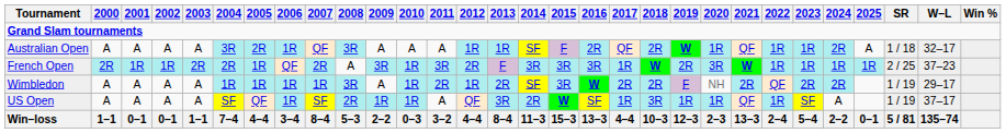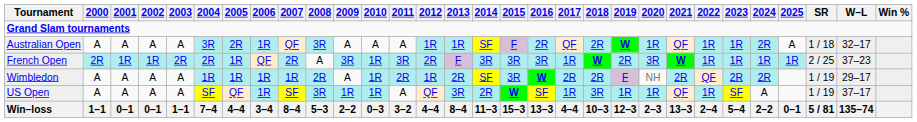 <table class=wikitable style=text-align:center;font-size:86%>
 <tr>
 <th>Tournament</th>
 <th><a href='#'>2000</a></th>
 <th><a href='#'>2001</a></th>
 <th><a href='#'>2002</a></th>
 <th><a href='#'>2003</a></th>
 <th><a href='#'>2004</a></th>
 <th><a href='#'>2005</a></th>
 <th><a href='#'>2006</a></th>
 <th><a href='#'>2007</a></th>
 <th><a href='#'>2008</a></th>
 <th><a href='#'>2009</a></th>
 <th><a href='#'>2010</a></th>
 <th><a href='#'>2011</a></th>
 <th><a href='#'>2012</a></th>
 <th><a href='#'>2013</a></th>
 <th><a href='#'>2014</a></th>
 <th><a href='#'>2015</a></th>
 <th><a href='#'>2016</a></th>
 <th><a href='#'>2017</a></th>
 <th><a href='#'>2018</a></th>
 <th><a href='#'>2019</a></th>
 <th><a href='#'>2020</a></th>
 <th><a href='#'>2021</a></th>
 <th><a href='#'>2022</a></th>
 <th><a href='#'>2023</a></th>
 <th><a href='#'>2024</a></th>
 <th><a href='#'>2025</a></th>
 <th>SR</th>
 <th>W–L</th>
 <th>Win %</th>
 </tr>
 <tr>
 <td colspan=30 style=text-align:left><a href='#'><strong>Grand Slam tournaments</strong></a></td>
 </tr>
 <tr>
 <td style=background:#efefef;text-align:left><a href='#'>Australian Open</a></td>
 <td>A</td>
 <td>A</td>
 <td>A</td>
 <td>A</td>
 <td bgcolor=afeeee><a href='#'>3R</a></td>
 <td bgcolor=afeeee><a href='#'>2R</a></td>
 <td bgcolor=afeeee><a href='#'>1R</a></td>
 <td bgcolor=ffebcd><a href='#'>QF</a></td>
 <td bgcolor=afeeee><a href='#'>3R</a></td>
 <td>A</td>
 <td>A</td>
 <td>A</td>
 <td bgcolor=afeeee><a href='#'>1R</a></td>
 <td bgcolor=afeeee><a href='#'>1R</a></td>
 <td style=background:yellow><a href='#'>SF</a></td>
 <td style=background:thistle><a href='#'>F</a></td>
 <td bgcolor=afeeee><a href='#'>2R</a></td>
 <td bgcolor=ffebcd><a href='#'>QF</a></td>
 <td bgcolor=afeeee><a href='#'>2R</a></td>
 <td style=background:#0f0><strong><a href='#'>W</a></strong></td>
 <td bgcolor=afeeee><a href='#'>1R</a></td>
 <td bgcolor=ffebcd><a href='#'>QF</a></td>
 <td bgcolor=afeeee><a href='#'>1R</a></td>
 <td bgcolor=afeeee><a href='#'>1R</a></td>
 <td bgcolor=afeeee><a href='#'>2R</a></td>
 <td>A</td>
 <td style=background:#efefef>1 / 18</td>
 <td style=background:#efefef>32–17</td>
 <td style=background:#efefef></td>
 </tr>
 <tr>
 <td style=background:#efefef;text-align:left><a href='#'>French Open</a></td>
 <td bgcolor=afeeee><a href='#'>2R</a></td>
 <td bgcolor=afeeee><a href='#'>1R</a></td>
 <td bgcolor=afeeee><a href='#'>1R</a></td>
 <td bgcolor=afeeee><a href='#'>2R</a></td>
 <td bgcolor=afeeee><a href='#'>2R</a></td>
 <td bgcolor=afeeee><a href='#'>1R</a></td>
 <td bgcolor=ffebcd><a href='#'>QF</a></td>
 <td bgcolor=afeeee><a href='#'>2R</a></td>
 <td>A</td>
 <td bgcolor=afeeee><a href='#'>3R</a></td>
 <td bgcolor=afeeee><a href='#'>1R</a></td>
 <td bgcolor=afeeee><a href='#'>3R</a></td>
 <td bgcolor=afeeee><a href='#'>2R</a></td>
 <td style=background:thistle><a href='#'>F</a></td>
 <td bgcolor=afeeee><a href='#'>3R</a></td>
 <td bgcolor=afeeee><a href='#'>3R</a></td>
 <td bgcolor=afeeee><a href='#'>3R</a></td>
 <td bgcolor=afeeee><a href='#'>1R</a></td>
 <td style=background:#0f0><strong><a href='#'>W</a></strong></td>
 <td bgcolor=afeeee><a href='#'>2R</a></td>
 <td bgcolor=afeeee><a href='#'>3R</a></td>
 <td style=background:#0f0><strong><a href='#'>W</a></strong></td>
 <td bgcolor=afeeee><a href='#'>1R</a></td>
 <td bgcolor=afeeee><a href='#'>1R</a></td>
 <td bgcolor=afeeee><a href='#'>1R</a></td>
 <td bgcolor=afeeee><a href='#'>1R</a></td>
 <td style=background:#efefef>2 / 25</td>
 <td style=background:#efefef>37–23</td>
 <td style=background:#efefef></td>
 </tr>
 <tr>
 <td style=background:#efefef;text-align:left><a href='#'>Wimbledon</a></td>
 <td>A</td>
 <td>A</td>
 <td>A</td>
 <td>A</td>
 <td bgcolor=afeeee><a href='#'>1R</a></td>
 <td bgcolor=afeeee><a href='#'>1R</a></td>
 <td bgcolor=afeeee><a href='#'>1R</a></td>
 <td bgcolor=afeeee><a href='#'>1R</a></td>
-<td bgcolor=afeeee><a href='#'>3R</a></td>
+<td bgcolor=afeeee><a href='#'>2R</a></td>
 <td>A</td>
 <td bgcolor=afeeee><a href='#'>1R</a></td>
 <td bgcolor=afeeee><a href='#'>2R</a></td>
 <td bgcolor=afeeee><a href='#'>1R</a></td>
 <td bgcolor=afeeee><a href='#'>2R</a></td>
 <td style=background:yellow><a href='#'>SF</a></td>
 <td bgcolor=afeeee><a href='#'>3R</a></td>
 <td style=background:#0f0><strong><a href='#'>W</a></strong></td>
 <td bgcolor=afeeee><a href='#'>2R</a></td>
 <td bgcolor=afeeee><a href='#'>2R</a></td>
 <td style=background:thistle><a href='#'>F</a></td>
 <td style=color:#767676>NH</td>
 <td bgcolor=afeeee><a href='#'>2R</a></td>
 <td bgcolor=ffebcd><a href='#'>QF</a></td>
 <td bgcolor=afeeee><a href='#'>2R</a></td>
 <td bgcolor=afeeee><a href='#'>2R</a></td>
 <td></td>
 <td style=background:#efefef>1 / 19</td>
 <td style=background:#efefef>29–17</td>
 <td style=background:#efefef></td>
 </tr>
 <tr>
 <td style=background:#efefef;text-align:left><a href='#'>US Open</a></td>
 <td>A</td>
 <td>A</td>
 <td>A</td>
 <td>A</td>
 <td style=background:yellow><a href='#'>SF</a></td>
 <td bgcolor=ffebcd><a href='#'>QF</a></td>
 <td bgcolor=afeeee><a href='#'>1R</a></td>
 <td style=background:yellow><a href='#'>SF</a></td>
-<td bgcolor=afeeee><a href='#'>2R</a></td>
+<td bgcolor=afeeee><a href='#'>3R</a></td>
 <td bgcolor=afeeee><a href='#'>1R</a></td>
 <td bgcolor=afeeee><a href='#'>1R</a></td>
 <td>A</td>
 <td bgcolor=ffebcd><a href='#'>QF</a></td>
 <td bgcolor=afeeee><a href='#'>3R</a></td>
 <td bgcolor=afeeee><a href='#'>2R</a></td>
 <td style=background:#0f0><strong><a href='#'>W</a></strong></td>
 <td style=background:yellow><a href='#'>SF</a></td>
 <td bgcolor=afeeee><a href='#'>1R</a></td>
 <td bgcolor=afeeee><a href='#'>3R</a></td>
 <td bgcolor=afeeee><a href='#'>1R</a></td>
 <td bgcolor=afeeee><a href='#'>1R</a></td>
 <td bgcolor=ffebcd><a href='#'>QF</a></td>
 <td bgcolor=afeeee><a href='#'>1R</a></td>
 <td style=background:yellow><a href='#'>SF</a></td>
 <td>A</td>
 <td></td>
 <td style=background:#efefef>1 / 19</td>
 <td style=background:#efefef>37–17</td>
 <td style=background:#efefef></td>
 </tr>
 <tr>
 <th style=text-align:left>Win–loss</th>
 <th>1–1</th>
 <th>0–1</th>
 <th>0–1</th>
 <th>1–1</th>
 <th>7–4</th>
 <th>4–4</th>
 <th>3–4</th>
 <th>8–4</th>
 <th>5–3</th>
 <th>2–2</th>
 <th>0–3</th>
 <th>3–2</th>
 <th>4–4</th>
 <th>8–4</th>
 <th>11–3</th>
 <th>15–3</th>
 <th>13–3</th>
 <th>4–4</th>
 <th>10–3</th>
 <th>12–3</th>
 <th>2–3</th>
 <th>13–3</th>
 <th>2–4</th>
 <th>5–4</th>
 <th>2–2</th>
 <th>0–1</th>
 <th>5 / 81</th>
 <th>135–74</th>
 <th></th>
 </tr>
 </table>
